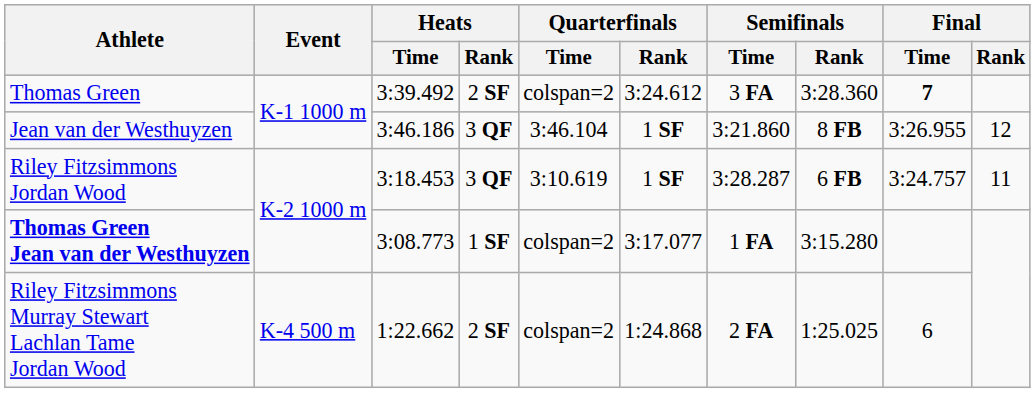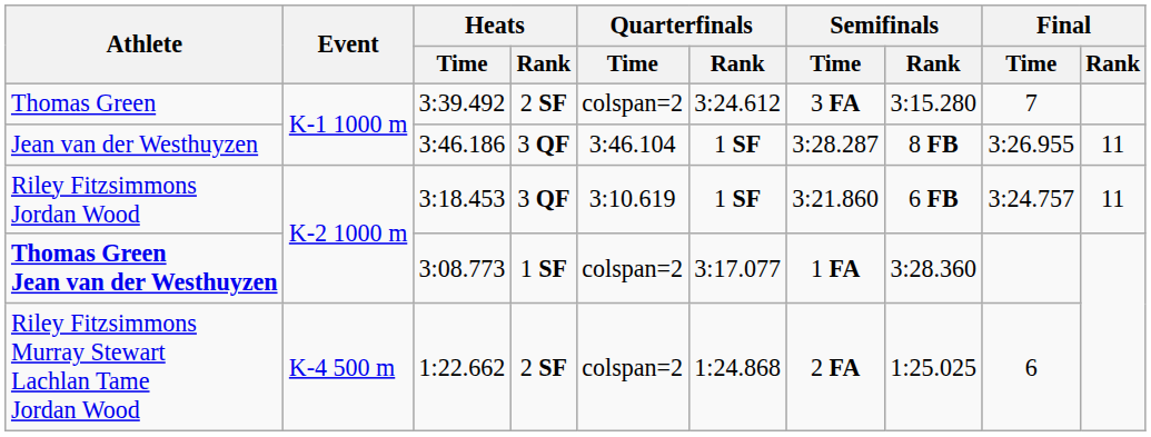 <table class=wikitable style=font-size:90%;text-align:center>
 <tr>
 <th rowspan=2>Athlete</th>
 <th rowspan=2>Event</th>
 <th colspan=2>Heats</th>
 <th colspan=2>Quarterfinals</th>
 <th colspan=2>Semifinals</th>
 <th colspan=2>Final</th>
 </tr>
 <tr style=font-size:95%>
 <th>Time</th>
 <th>Rank</th>
 <th>Time</th>
 <th>Rank</th>
 <th>Time</th>
 <th>Rank</th>
 <th>Time</th>
 <th>Rank</th>
 </tr>
 <tr>
 <td align=left><a href='#'>Thomas Green</a></td>
 <td align=left rowspan=2><a href='#'>K-1 1000 m</a></td>
 <td>3:39.492</td>
 <td>2 <strong>SF</strong></td>
 <td>colspan=2 </td>
 <td>3:24.612</td>
 <td>3 <strong>FA</strong></td>
-<td>3:28.360</td>
-<td><strong>7</strong></td>
+<td>3:15.280</td>
+<td>7</td>
 </tr>
 <tr>
 <td align=left><a href='#'>Jean van der Westhuyzen</a></td>
 <td>3:46.186</td>
 <td>3 <strong>QF</strong></td>
 <td>3:46.104</td>
 <td>1 <strong>SF</strong></td>
-<td>3:21.860</td>
+<td>3:28.287</td>
 <td>8 <strong>FB</strong></td>
 <td>3:26.955</td>
-<td>12</td>
+<td>11</td>
 </tr>
 <tr>
 <td align=left><a href='#'>Riley Fitzsimmons</a><br><a href='#'>Jordan Wood</a></td>
 <td align=left rowspan=2><a href='#'>K-2 1000 m</a></td>
 <td>3:18.453</td>
 <td>3 <strong>QF</strong></td>
 <td>3:10.619</td>
 <td>1 <strong>SF</strong></td>
-<td>3:28.287</td>
+<td>3:21.860</td>
 <td>6 <strong>FB</strong></td>
 <td>3:24.757</td>
 <td>11</td>
 </tr>
 <tr>
 <td align=left><strong><a href='#'>Thomas Green</a><br><a href='#'>Jean van der Westhuyzen</a></strong></td>
 <td>3:08.773</td>
 <td>1 <strong>SF</strong></td>
 <td>colspan=2 </td>
 <td>3:17.077</td>
 <td>1 <strong>FA</strong></td>
-<td>3:15.280</td>
+<td>3:28.360</td>
 <td></td>
 </tr>
 <tr>
 <td align=left><a href='#'>Riley Fitzsimmons</a><br><a href='#'>Murray Stewart</a><br><a href='#'>Lachlan Tame</a><br><a href='#'>Jordan Wood</a></td>
 <td align=left><a href='#'>K-4 500 m</a></td>
 <td>1:22.662</td>
 <td>2 <strong>SF</strong></td>
 <td>colspan=2 </td>
 <td>1:24.868</td>
 <td>2 <strong>FA</strong></td>
 <td>1:25.025</td>
 <td>6</td>
 </tr>
 </table>
